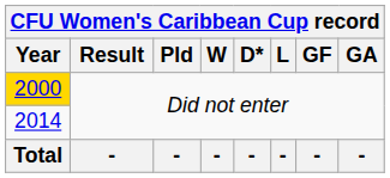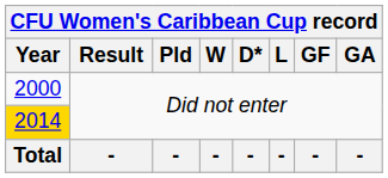 <table class="wikitable" style="text-align: center;">
 <tr>
 <th colspan=8><a href='#'>CFU Women's Caribbean Cup</a> record</th>
 </tr>
 <tr>
 <th>Year</th>
 <th>Result</th>
 <th>Pld</th>
 <th>W</th>
 <th>D*</th>
 <th>L</th>
 <th>GF</th>
 <th>GA</th>
 </tr>
 <tr>
-<td style="background: gold;"> <a href='#'>2000</a></td>
+<td> <a href='#'>2000</a></td>
 <td colspan=7 rowspan=2><em>Did not enter</em></td>
 </tr>
 <tr>
-<td> <a href='#'>2014</a></td>
+<td style="background: gold;"> <a href='#'>2014</a></td>
 </tr>
 <tr>
 <th>Total</th>
 <th>-</th>
 <th>-</th>
 <th>-</th>
 <th>-</th>
 <th>-</th>
 <th>-</th>
 <th>-</th>
 </tr>
 </table>
